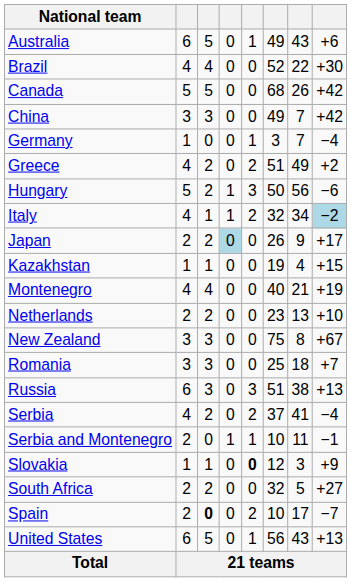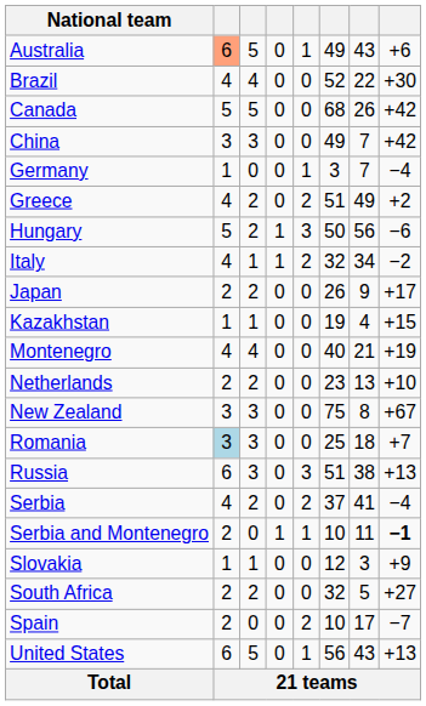 <table class="wikitable" style="text-align: center;">
 <tr>
 <th>National team</th>
 <th width="15"></th>
 <th width="15"></th>
 <th width="15"></th>
 <th width="15"></th>
 <th></th>
 <th></th>
 <th></th>
 </tr>
 <tr>
 <td align="left"> <a href='#'>Australia</a></td>
-<td>6</td>
+<td style="background: lightsalmon;">6</td>
 <td>5</td>
 <td>0</td>
 <td>1</td>
 <td>49</td>
 <td>43</td>
 <td>+6</td>
 </tr>
 <tr>
 <td align="left"> <a href='#'>Brazil</a></td>
 <td>4</td>
 <td>4</td>
 <td>0</td>
 <td>0</td>
 <td>52</td>
 <td>22</td>
 <td>+30</td>
 </tr>
 <tr>
 <td align="left"> <a href='#'>Canada</a></td>
 <td>5</td>
 <td>5</td>
 <td>0</td>
 <td>0</td>
 <td>68</td>
 <td>26</td>
 <td>+42</td>
 </tr>
 <tr>
 <td align="left"> <a href='#'>China</a></td>
 <td>3</td>
 <td>3</td>
 <td>0</td>
 <td>0</td>
 <td>49</td>
 <td>7</td>
 <td>+42</td>
 </tr>
 <tr>
 <td align="left"> <a href='#'>Germany</a></td>
 <td>1</td>
 <td>0</td>
 <td>0</td>
 <td>1</td>
 <td>3</td>
 <td>7</td>
 <td>−4</td>
 </tr>
 <tr>
 <td align="left"> <a href='#'>Greece</a></td>
 <td>4</td>
 <td>2</td>
 <td>0</td>
 <td>2</td>
 <td>51</td>
 <td>49</td>
 <td>+2</td>
 </tr>
 <tr>
 <td align="left"> <a href='#'>Hungary</a></td>
 <td>5</td>
 <td>2</td>
 <td>1</td>
 <td>3</td>
 <td>50</td>
 <td>56</td>
 <td>−6</td>
 </tr>
 <tr>
 <td align="left"> <a href='#'>Italy</a></td>
 <td>4</td>
 <td>1</td>
 <td>1</td>
 <td>2</td>
 <td>32</td>
 <td>34</td>
-<td style="background: lightblue;">−2</td>
+<td>−2</td>
 </tr>
 <tr>
 <td align="left"> <a href='#'>Japan</a></td>
 <td>2</td>
 <td>2</td>
-<td style="background: lightblue;">0</td>
+<td>0</td>
 <td>0</td>
 <td>26</td>
 <td>9</td>
 <td>+17</td>
 </tr>
 <tr>
 <td align="left"> <a href='#'>Kazakhstan</a></td>
 <td>1</td>
 <td>1</td>
 <td>0</td>
 <td>0</td>
 <td>19</td>
 <td>4</td>
 <td>+15</td>
 </tr>
 <tr>
 <td align="left"> <a href='#'>Montenegro</a></td>
 <td>4</td>
 <td>4</td>
 <td>0</td>
 <td>0</td>
 <td>40</td>
 <td>21</td>
 <td>+19</td>
 </tr>
 <tr>
 <td align="left"> <a href='#'>Netherlands</a></td>
 <td>2</td>
 <td>2</td>
 <td>0</td>
 <td>0</td>
 <td>23</td>
 <td>13</td>
 <td>+10</td>
 </tr>
 <tr>
 <td align="left"> <a href='#'>New Zealand</a></td>
 <td>3</td>
 <td>3</td>
 <td>0</td>
 <td>0</td>
 <td>75</td>
 <td>8</td>
 <td>+67</td>
 </tr>
 <tr>
 <td align="left"> <a href='#'>Romania</a></td>
-<td>3</td>
+<td style="background: lightblue;">3</td>
 <td>3</td>
 <td>0</td>
 <td>0</td>
 <td>25</td>
 <td>18</td>
 <td>+7</td>
 </tr>
 <tr>
 <td align="left"> <a href='#'>Russia</a></td>
 <td>6</td>
 <td>3</td>
 <td>0</td>
 <td>3</td>
 <td>51</td>
 <td>38</td>
 <td>+13</td>
 </tr>
 <tr>
 <td align="left"> <a href='#'>Serbia</a></td>
 <td>4</td>
 <td>2</td>
 <td>0</td>
 <td>2</td>
 <td>37</td>
 <td>41</td>
 <td>−4</td>
 </tr>
 <tr>
 <td align="left"> <a href='#'>Serbia and Montenegro</a></td>
 <td>2</td>
 <td>0</td>
 <td>1</td>
 <td>1</td>
 <td>10</td>
 <td>11</td>
-<td>−1</td>
+<td><strong>−1</strong></td>
 </tr>
 <tr>
 <td align="left"> <a href='#'>Slovakia</a></td>
 <td>1</td>
 <td>1</td>
 <td>0</td>
-<td><strong>0</strong></td>
+<td>0</td>
 <td>12</td>
 <td>3</td>
 <td>+9</td>
 </tr>
 <tr>
 <td align="left"> <a href='#'>South Africa</a></td>
 <td>2</td>
 <td>2</td>
 <td>0</td>
 <td>0</td>
 <td>32</td>
 <td>5</td>
 <td>+27</td>
 </tr>
 <tr>
 <td align="left"> <a href='#'>Spain</a></td>
 <td>2</td>
-<td><strong>0</strong></td>
+<td>0</td>
 <td>0</td>
 <td>2</td>
 <td>10</td>
 <td>17</td>
 <td>−7</td>
 </tr>
 <tr>
 <td align="left"> <a href='#'>United States</a></td>
 <td>6</td>
 <td>5</td>
 <td>0</td>
 <td>1</td>
 <td>56</td>
 <td>43</td>
 <td>+13</td>
 </tr>
 <tr>
 <th>Total</th>
 <th colspan="7">21 teams</th>
 </tr>
 </table>
